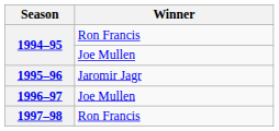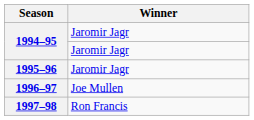 <table class="wikitable">
 <tr>
 <th scope="col" style="width:5em">Season</th>
 <th scope="col" style="width:15em">Winner</th>
 </tr>
 <tr>
 <th scope="row" rowspan="2"><a href='#'>1994–95</a></th>
-<td><a href='#'>Ron Francis</a></td>
+<td><a href='#'>Jaromir Jagr</a></td>
 </tr>
 <tr>
-<td><a href='#'>Joe Mullen</a></td>
+<td><a href='#'>Jaromir Jagr</a></td>
 </tr>
 <tr>
 <th scope="row"><a href='#'>1995–96</a></th>
 <td><a href='#'>Jaromir Jagr</a></td>
 </tr>
 <tr>
 <th scope="row"><a href='#'>1996–97</a></th>
 <td><a href='#'>Joe Mullen</a></td>
 </tr>
 <tr>
 <th scope="row"><a href='#'>1997–98</a></th>
 <td><a href='#'>Ron Francis</a></td>
 </tr>
 </table>
